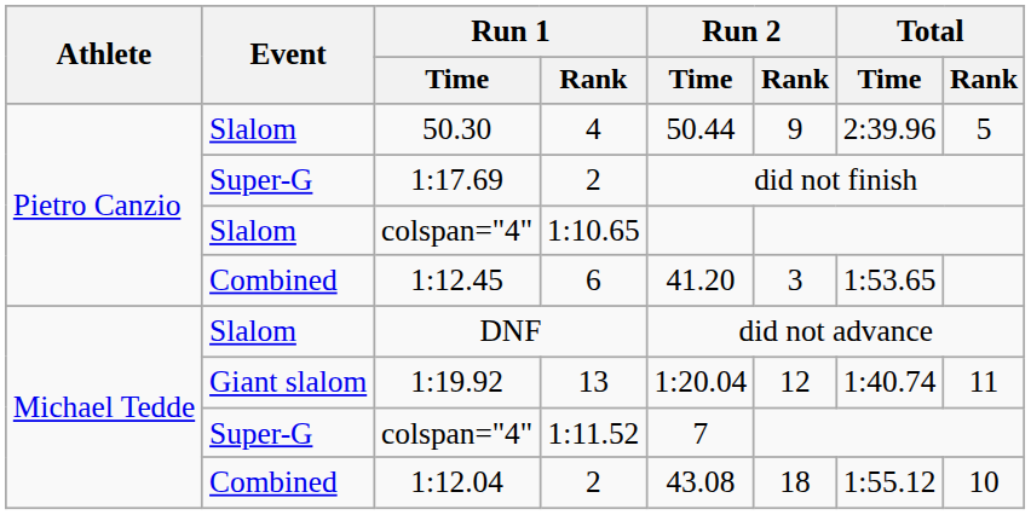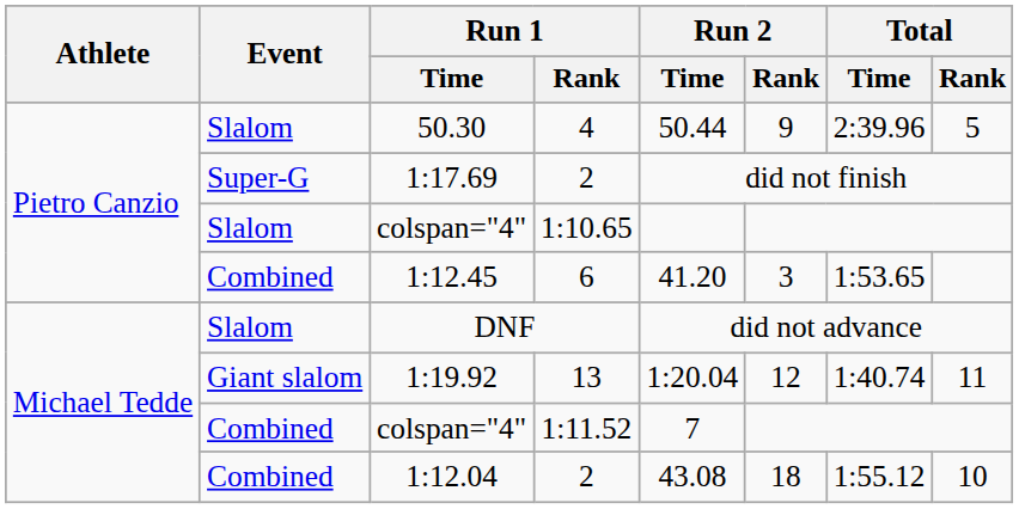 <table class="wikitable" style="font-size:90%">
 <tr>
 <th rowspan=2>Athlete</th>
 <th rowspan=2>Event</th>
 <th colspan=2>Run 1</th>
 <th colspan=2>Run 2</th>
 <th colspan=2>Total</th>
 </tr>
 <tr style="font-size:95%">
 <th>Time</th>
 <th>Rank</th>
 <th>Time</th>
 <th>Rank</th>
 <th>Time</th>
 <th>Rank</th>
 </tr>
 <tr align=center>
 <td align="left" rowspan="4"><a href='#'>Pietro Canzio</a></td>
 <td align="left"><a href='#'>Slalom</a></td>
 <td>50.30</td>
 <td>4</td>
 <td>50.44</td>
 <td>9</td>
 <td>2:39.96</td>
 <td>5</td>
 </tr>
 <tr align=center>
 <td align="left"><a href='#'>Super-G</a></td>
 <td>1:17.69</td>
 <td>2</td>
 <td colspan=4>did not finish</td>
 </tr>
 <tr align=center>
 <td align="left"><a href='#'>Slalom</a></td>
 <td>colspan="4" </td>
 <td>1:10.65</td>
 <td></td>
 </tr>
 <tr align=center>
 <td align="left"><a href='#'>Combined</a></td>
 <td>1:12.45</td>
 <td>6</td>
 <td>41.20</td>
 <td>3</td>
 <td>1:53.65</td>
 <td></td>
 </tr>
 <tr align=center>
 <td align="left" rowspan="4"><a href='#'>Michael Tedde</a></td>
 <td align="left"><a href='#'>Slalom</a></td>
 <td colspan=2>DNF</td>
 <td colspan=4>did not advance</td>
 </tr>
 <tr align=center>
 <td align="left"><a href='#'>Giant slalom</a></td>
 <td>1:19.92</td>
 <td>13</td>
 <td>1:20.04</td>
 <td>12</td>
 <td>1:40.74</td>
 <td>11</td>
 </tr>
 <tr align=center>
-<td align="left"><a href='#'>Super-G</a></td>
+<td align="left"><a href='#'>Combined</a></td>
 <td>colspan="4" </td>
 <td>1:11.52</td>
 <td>7</td>
 </tr>
 <tr align=center>
 <td align="left"><a href='#'>Combined</a></td>
 <td>1:12.04</td>
 <td>2</td>
 <td>43.08</td>
 <td>18</td>
 <td>1:55.12</td>
 <td>10</td>
 </tr>
 </table>
